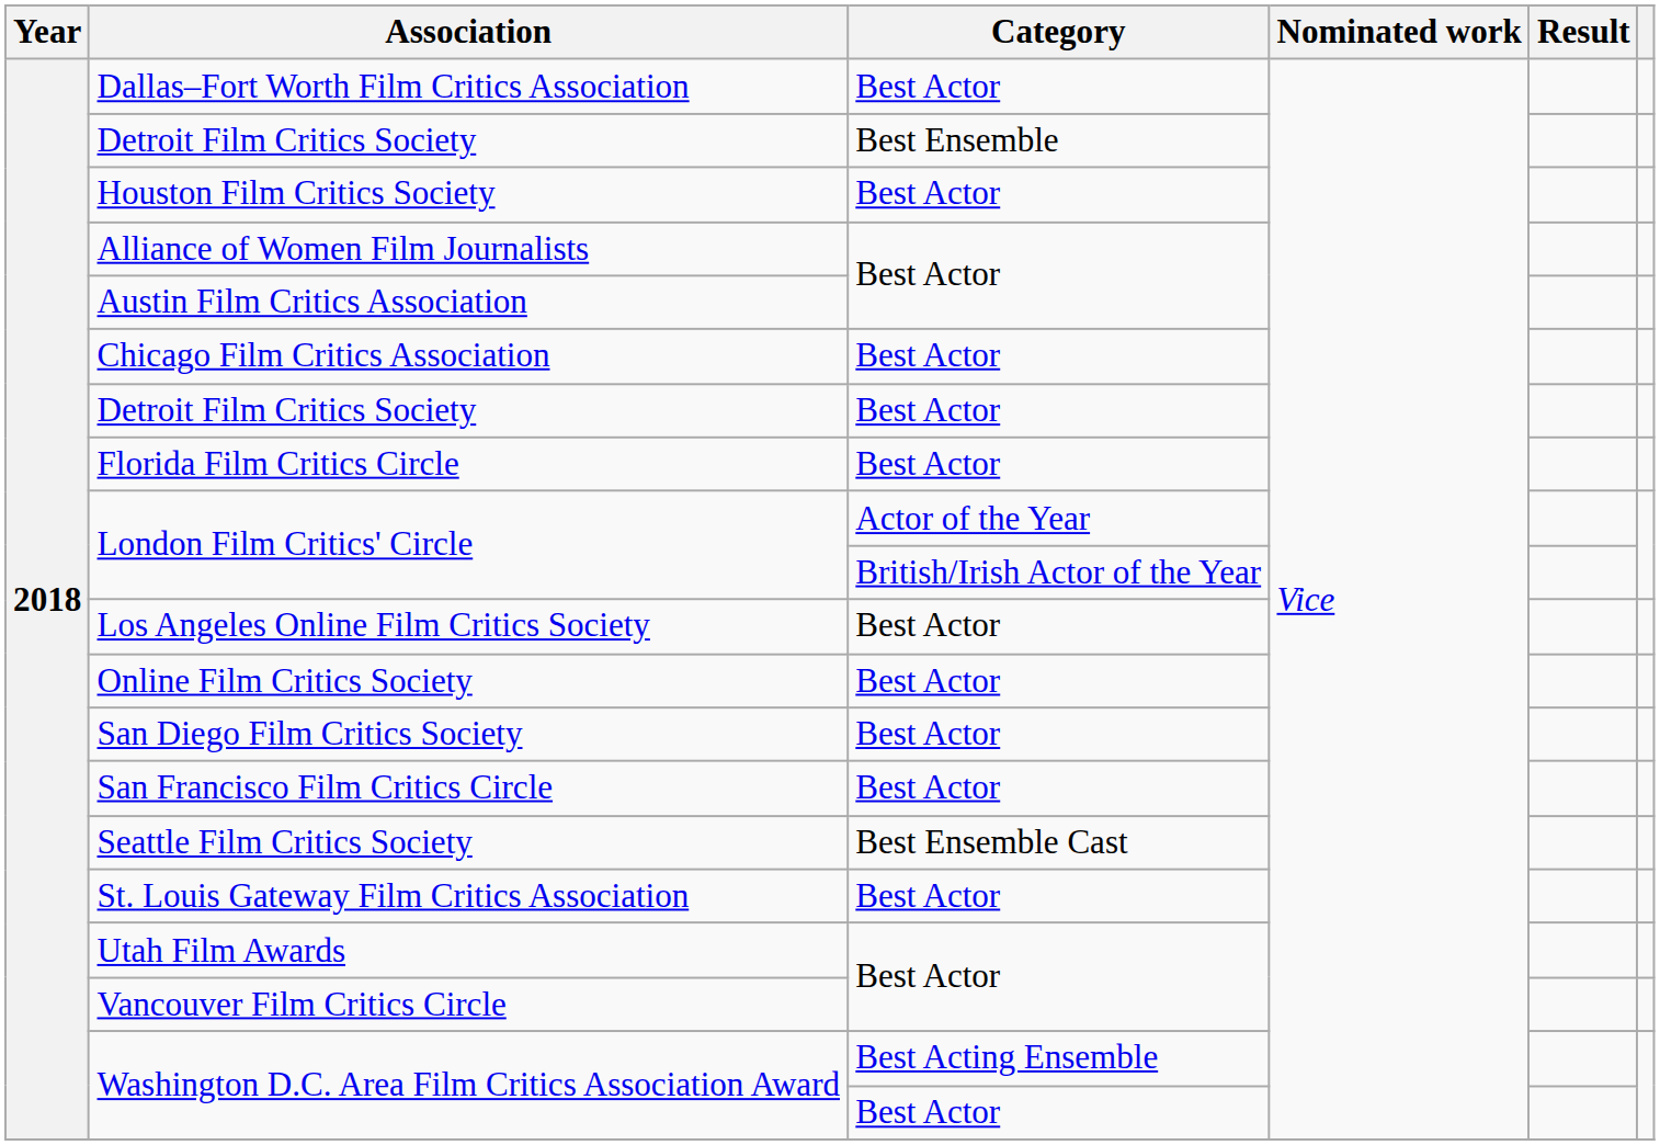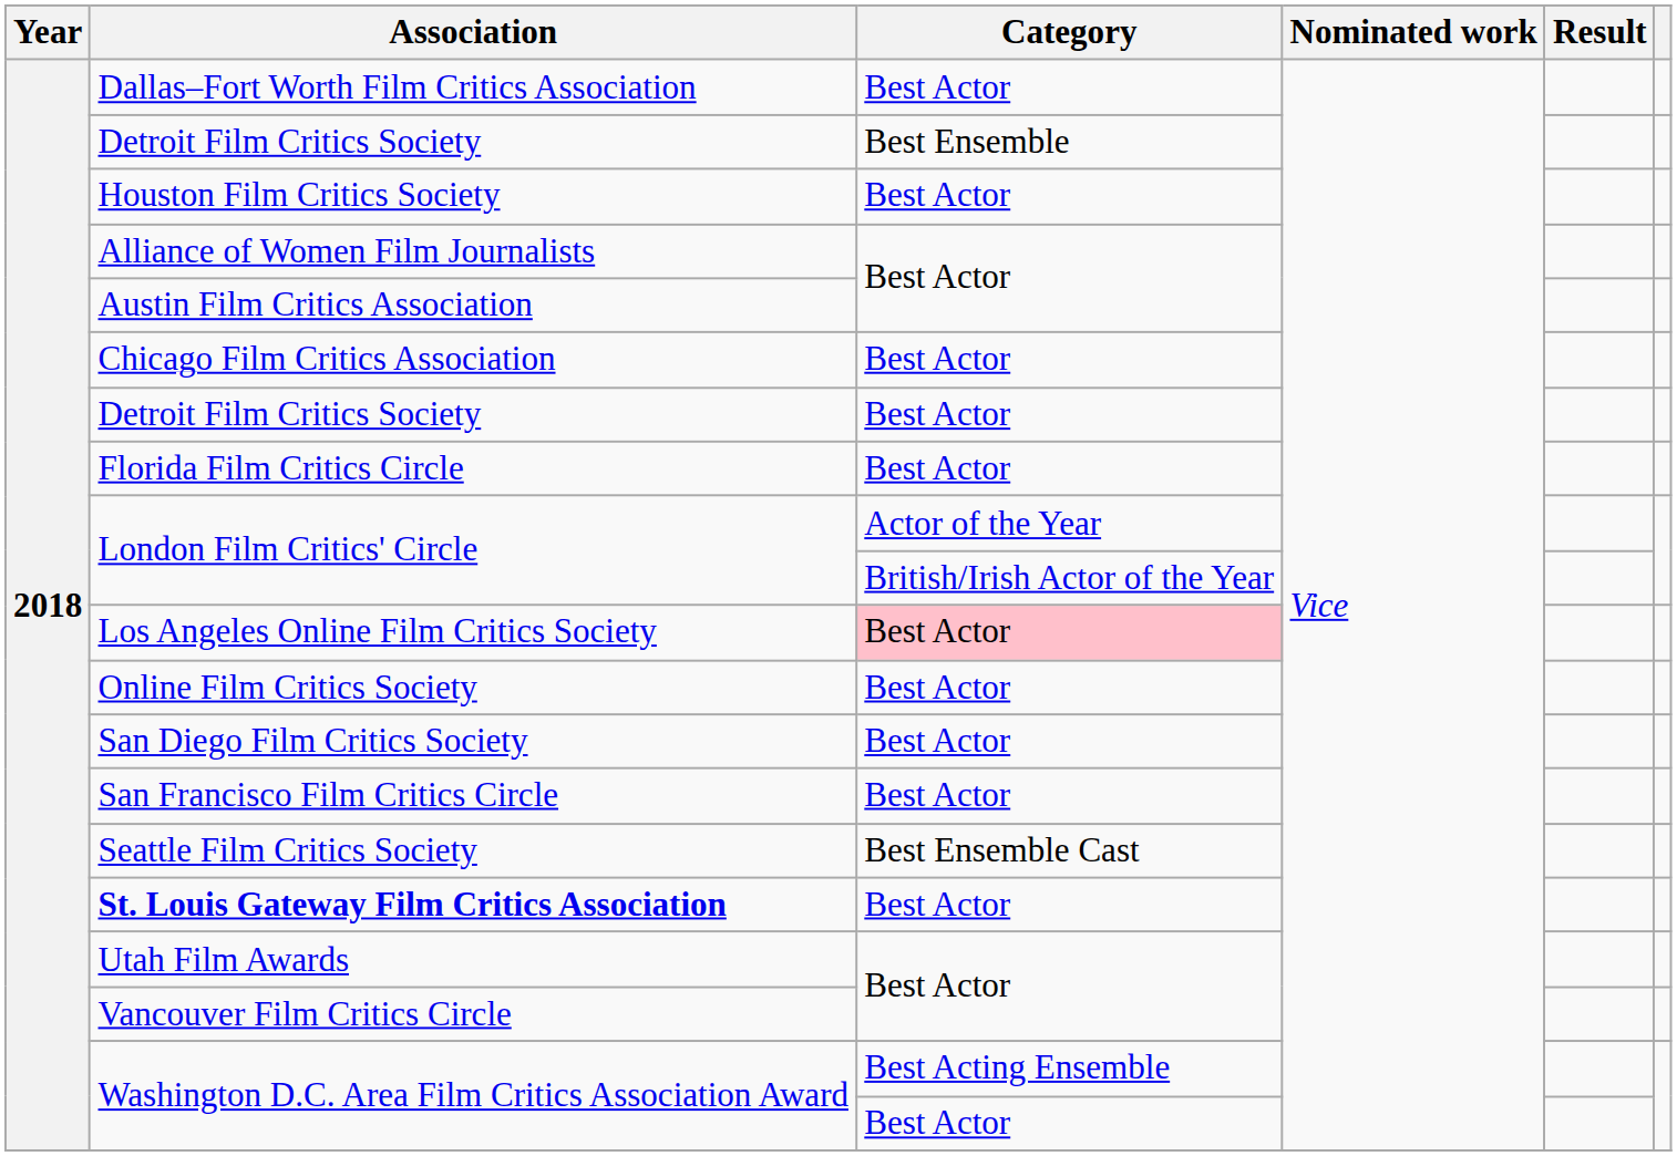 <table class="wikitable sortable">
 <tr>
 <th>Year</th>
 <th>Association</th>
 <th>Category</th>
 <th>Nominated work</th>
 <th>Result</th>
 <th></th>
 </tr>
 <tr>
 <th rowspan="20" scope="row" style="text-align:center;">2018</th>
 <td><a href='#'>Dallas–Fort Worth Film Critics Association</a></td>
 <td><a href='#'>Best Actor</a></td>
 <td rowspan="20"><em><a href='#'>Vice</a></em></td>
 <td></td>
 <td style="text-align: center;"></td>
 </tr>
 <tr>
 <td><a href='#'>Detroit Film Critics Society</a></td>
 <td>Best Ensemble</td>
 <td></td>
 <td style="text-align: center;"></td>
 </tr>
 <tr>
 <td><a href='#'>Houston Film Critics Society</a></td>
 <td><a href='#'>Best Actor</a></td>
 <td></td>
 <td style="text-align: center;"></td>
 </tr>
 <tr>
 <td><a href='#'>Alliance of Women Film Journalists</a></td>
 <td rowspan="2">Best Actor</td>
 <td></td>
 <td style="text-align: center;"></td>
 </tr>
 <tr>
 <td><a href='#'>Austin Film Critics Association</a></td>
 <td></td>
 <td style="text-align: center;"></td>
 </tr>
 <tr>
 <td><a href='#'>Chicago Film Critics Association</a></td>
 <td><a href='#'>Best Actor</a></td>
 <td></td>
 <td style="text-align: center;"></td>
 </tr>
 <tr>
 <td><a href='#'>Detroit Film Critics Society</a></td>
 <td><a href='#'>Best Actor</a></td>
 <td></td>
 <td style="text-align: center;"></td>
 </tr>
 <tr>
 <td><a href='#'>Florida Film Critics Circle</a></td>
 <td><a href='#'>Best Actor</a></td>
 <td></td>
 <td style="text-align: center;"></td>
 </tr>
 <tr>
 <td rowspan="2"><a href='#'>London Film Critics' Circle</a></td>
 <td><a href='#'>Actor of the Year</a></td>
 <td></td>
 <td rowspan="2" style="text-align:center;"></td>
 </tr>
 <tr>
 <td><a href='#'>British/Irish Actor of the Year</a></td>
 <td></td>
 </tr>
 <tr>
 <td><a href='#'>Los Angeles Online Film Critics Society</a></td>
-<td>Best Actor</td>
+<td style="background: pink;">Best Actor</td>
 <td></td>
 <td style="text-align:center;"></td>
 </tr>
 <tr>
 <td><a href='#'>Online Film Critics Society</a></td>
 <td><a href='#'>Best Actor</a></td>
 <td></td>
 <td style="text-align:center;"></td>
 </tr>
 <tr>
 <td><a href='#'>San Diego Film Critics Society</a></td>
 <td><a href='#'>Best Actor</a></td>
 <td></td>
 <td style="text-align:center;"></td>
 </tr>
 <tr>
 <td><a href='#'>San Francisco Film Critics Circle</a></td>
 <td><a href='#'>Best Actor</a></td>
 <td></td>
 <td style="text-align:center;"></td>
 </tr>
 <tr>
 <td><a href='#'>Seattle Film Critics Society</a></td>
 <td>Best Ensemble Cast</td>
 <td></td>
 <td style="text-align:center;"></td>
 </tr>
 <tr>
-<td><a href='#'>St. Louis Gateway Film Critics Association</a></td>
+<td><strong><a href='#'>St. Louis Gateway Film Critics Association</a></strong></td>
 <td><a href='#'>Best Actor</a></td>
 <td></td>
 <td style="text-align:center;"></td>
 </tr>
 <tr>
 <td><a href='#'>Utah Film Awards</a></td>
 <td rowspan="2">Best Actor</td>
 <td></td>
 <td style="text-align:center;"></td>
 </tr>
 <tr>
 <td><a href='#'>Vancouver Film Critics Circle</a></td>
 <td></td>
 <td style="text-align:center;"></td>
 </tr>
 <tr>
 <td rowspan="2"><a href='#'>Washington D.C. Area Film Critics Association Award</a></td>
 <td><a href='#'>Best Acting Ensemble</a></td>
 <td></td>
 <td rowspan="2" style="text-align:center;"></td>
 </tr>
 <tr>
 <td><a href='#'>Best Actor</a></td>
 <td></td>
 </tr>
 <tr>
 </tr>
 </table>
